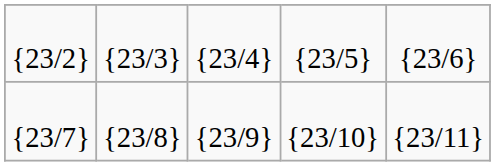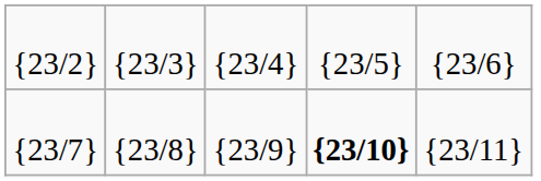 <table class="wikitable">
 <tr align=center>
 <td><br>{23/2}</td>
 <td><br>{23/3}</td>
 <td><br>{23/4}</td>
 <td><br>{23/5}</td>
 <td><br>{23/6}</td>
 </tr>
 <tr align=center>
 <td><br>{23/7}</td>
 <td><br>{23/8}</td>
 <td><br>{23/9}</td>
-<td><br>{23/10}</td>
+<td><strong><br>{23/10}</strong></td>
 <td><br>{23/11}</td>
 </tr>
 </table>
